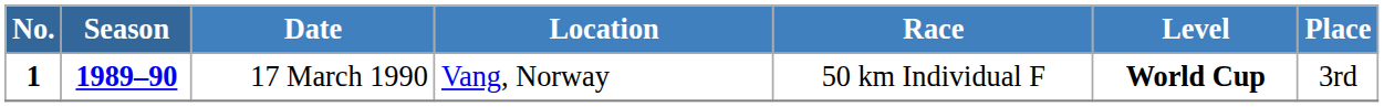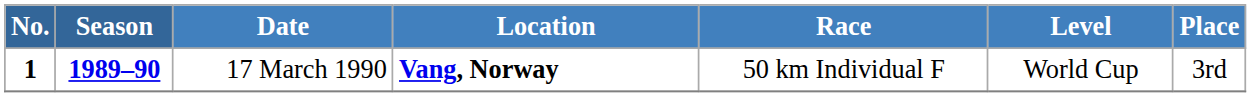 <table class="wikitable sortable" style="font-size:95%; text-align:center; border:grey solid 1px; border-collapse:collapse; background:#ffffff;">
 <tr style="background:#efefef;">
 <th style="background-color:#369; color:white;">No.</th>
 <th style="background-color:#369; color:white;">Season</th>
 <th style="background-color:#4180be; color:white; width:120px;">Date</th>
 <th style="background-color:#4180be; color:white; width:170px;">Location</th>
 <th style="background-color:#4180be; color:white; width:160px;">Race</th>
 <th style="background-color:#4180be; color:white; width:100px;">Level</th>
 <th style="background-color:#4180be; color:white;">Place</th>
 </tr>
 <tr>
 <td align=center><strong>1</strong></td>
 <td rowspan=1 align=center><strong> <a href='#'>1989–90</a> </strong></td>
 <td align=right>17 March 1990</td>
-<td align=left> <a href='#'>Vang</a>, Norway</td>
+<td align=left><strong> <a href='#'>Vang</a>, Norway</strong></td>
 <td>50 km Individual F</td>
-<td><strong>World Cup</strong></td>
+<td>World Cup</td>
 <td>3rd</td>
 </tr>
 <tr>
 </tr>
 </table>
